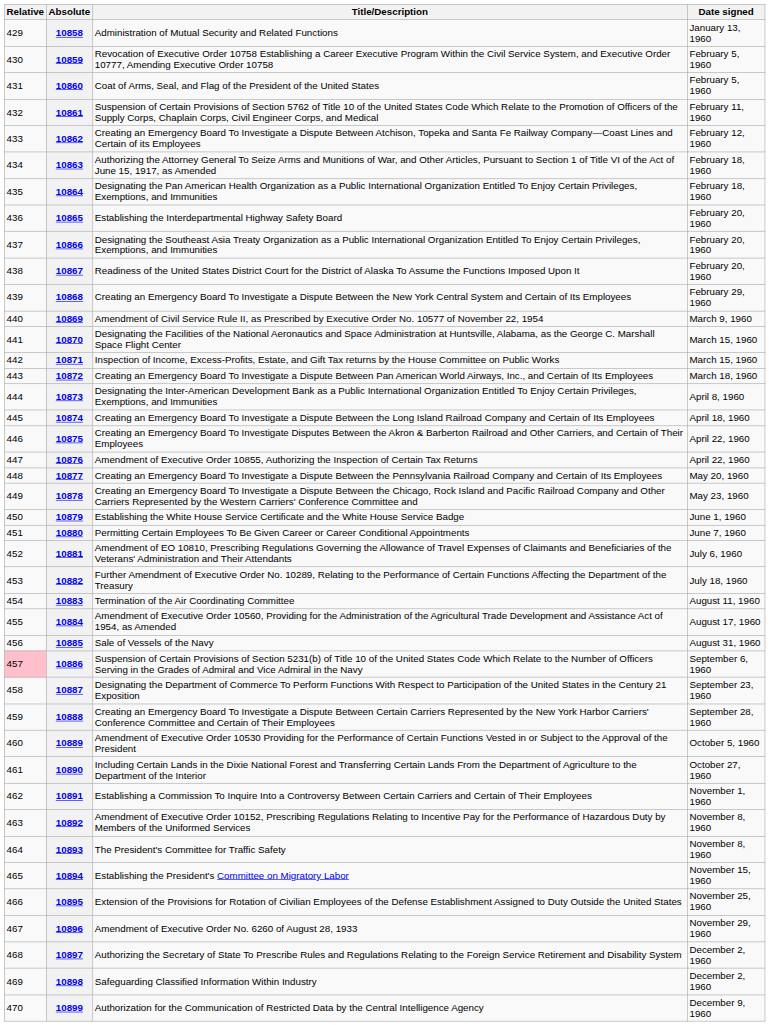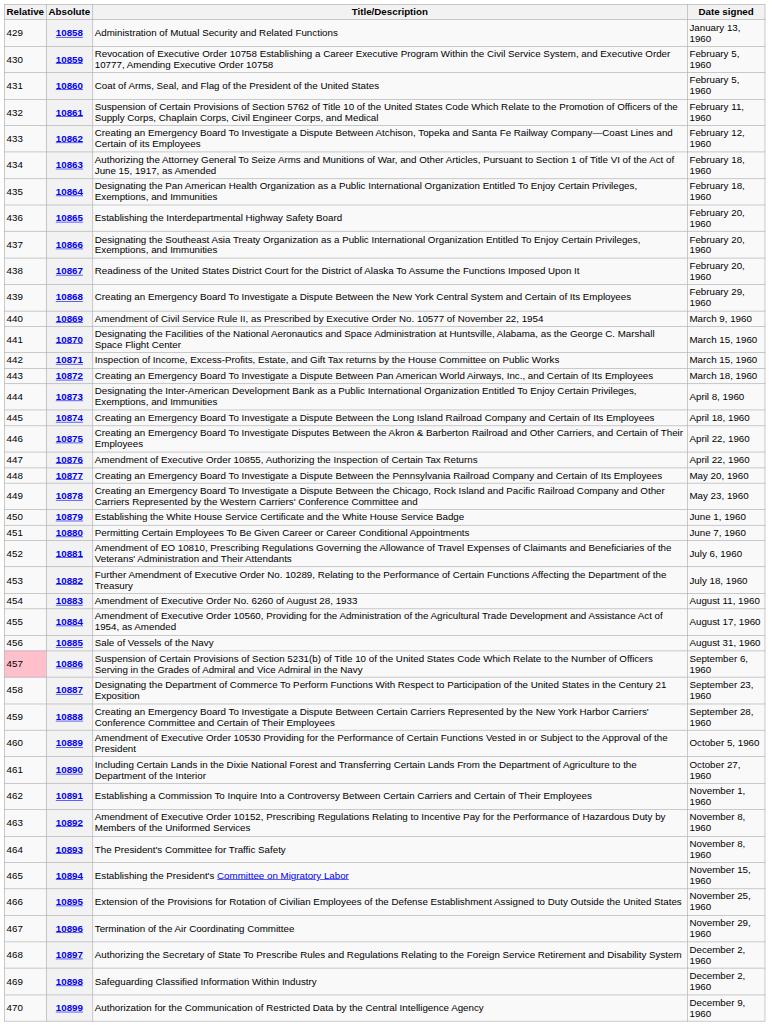 <table class="wikitable">
 <tr>
 <th>Relative </th>
 <th>Absolute </th>
 <th>Title/Description</th>
 <th>Date signed</th>
 </tr>
 <tr>
 <td>429</td>
 <th><a href='#'>10858</a></th>
 <td>Administration of Mutual Security and Related Functions</td>
 <td>January 13, 1960</td>
 </tr>
 <tr>
 <td>430</td>
 <th><a href='#'>10859</a></th>
 <td>Revocation of Executive Order 10758 Establishing a Career Executive Program Within the Civil Service System, and Executive Order 10777, Amending Executive Order 10758</td>
 <td>February 5, 1960</td>
 </tr>
 <tr>
 <td>431</td>
 <th><a href='#'>10860</a></th>
 <td>Coat of Arms, Seal, and Flag of the President of the United States</td>
 <td>February 5, 1960</td>
 </tr>
 <tr>
 <td>432</td>
 <th><a href='#'>10861</a></th>
 <td>Suspension of Certain Provisions of Section 5762 of Title 10 of the United States Code Which Relate to the Promotion of Officers of the Supply Corps, Chaplain Corps, Civil Engineer Corps, and Medical</td>
 <td>February 11, 1960</td>
 </tr>
 <tr>
 <td>433</td>
 <th><a href='#'>10862</a></th>
 <td>Creating an Emergency Board To Investigate a Dispute Between Atchison, Topeka and Santa Fe Railway Company—Coast Lines and Certain of its Employees</td>
 <td>February 12, 1960</td>
 </tr>
 <tr>
 <td>434</td>
 <th><a href='#'>10863</a></th>
 <td>Authorizing the Attorney General To Seize Arms and Munitions of War, and Other Articles, Pursuant to Section 1 of Title VI of the Act of June 15, 1917, as Amended</td>
 <td>February 18, 1960</td>
 </tr>
 <tr>
 <td>435</td>
 <th><a href='#'>10864</a></th>
 <td>Designating the Pan American Health Organization as a Public International Organization Entitled To Enjoy Certain Privileges, Exemptions, and Immunities</td>
 <td>February 18, 1960</td>
 </tr>
 <tr>
 <td>436</td>
 <th><a href='#'>10865</a></th>
 <td>Establishing the Interdepartmental Highway Safety Board</td>
 <td>February 20, 1960</td>
 </tr>
 <tr>
 <td>437</td>
 <th><a href='#'>10866</a></th>
 <td>Designating the Southeast Asia Treaty Organization as a Public International Organization Entitled To Enjoy Certain Privileges, Exemptions, and Immunities</td>
 <td>February 20, 1960</td>
 </tr>
 <tr>
 <td>438</td>
 <th><a href='#'>10867</a></th>
 <td>Readiness of the United States District Court for the District of Alaska To Assume the Functions Imposed Upon It</td>
 <td>February 20, 1960</td>
 </tr>
 <tr>
 <td>439</td>
 <th><a href='#'>10868</a></th>
 <td>Creating an Emergency Board To Investigate a Dispute Between the New York Central System and Certain of Its Employees</td>
 <td>February 29, 1960</td>
 </tr>
 <tr>
 <td>440</td>
 <th><a href='#'>10869</a></th>
 <td>Amendment of Civil Service Rule II, as Prescribed by Executive Order No. 10577 of November 22, 1954</td>
 <td>March 9, 1960</td>
 </tr>
 <tr>
 <td>441</td>
 <th><a href='#'>10870</a></th>
 <td>Designating the Facilities of the National Aeronautics and Space Administration at Huntsville, Alabama, as the George C. Marshall Space Flight Center</td>
 <td>March 15, 1960</td>
 </tr>
 <tr>
 <td>442</td>
 <th><a href='#'>10871</a></th>
 <td>Inspection of Income, Excess-Profits, Estate, and Gift Tax returns by the House Committee on Public Works</td>
 <td>March 15, 1960</td>
 </tr>
 <tr>
 <td>443</td>
 <th><a href='#'>10872</a></th>
 <td>Creating an Emergency Board To Investigate a Dispute Between Pan American World Airways, Inc., and Certain of Its Employees</td>
 <td>March 18, 1960</td>
 </tr>
 <tr>
 <td>444</td>
 <th><a href='#'>10873</a></th>
 <td>Designating the Inter-American Development Bank as a Public International Organization Entitled To Enjoy Certain Privileges, Exemptions, and Immunities</td>
 <td>April 8, 1960</td>
 </tr>
 <tr>
 <td>445</td>
 <th><a href='#'>10874</a></th>
 <td>Creating an Emergency Board To Investigate a Dispute Between the Long Island Railroad Company and Certain of Its Employees</td>
 <td>April 18, 1960</td>
 </tr>
 <tr>
 <td>446</td>
 <th><a href='#'>10875</a></th>
 <td>Creating an Emergency Board To Investigate Disputes Between the Akron & Barberton Railroad and Other Carriers, and Certain of Their Employees</td>
 <td>April 22, 1960</td>
 </tr>
 <tr>
 <td>447</td>
 <th><a href='#'>10876</a></th>
 <td>Amendment of Executive Order 10855, Authorizing the Inspection of Certain Tax Returns</td>
 <td>April 22, 1960</td>
 </tr>
 <tr>
 <td>448</td>
 <th><a href='#'>10877</a></th>
 <td>Creating an Emergency Board To Investigate a Dispute Between the Pennsylvania Railroad Company and Certain of Its Employees</td>
 <td>May 20, 1960</td>
 </tr>
 <tr>
 <td>449</td>
 <th><a href='#'>10878</a></th>
 <td>Creating an Emergency Board To Investigate a Dispute Between the Chicago, Rock Island and Pacific Railroad Company and Other Carriers Represented by the Western Carriers' Conference Committee and</td>
 <td>May 23, 1960</td>
 </tr>
 <tr>
 <td>450</td>
 <th><a href='#'>10879</a></th>
 <td>Establishing the White House Service Certificate and the White House Service Badge</td>
 <td>June 1, 1960</td>
 </tr>
 <tr>
 <td>451</td>
 <th><a href='#'>10880</a></th>
 <td>Permitting Certain Employees To Be Given Career or Career Conditional Appointments</td>
 <td>June 7, 1960</td>
 </tr>
 <tr>
 <td>452</td>
 <th><a href='#'>10881</a></th>
 <td>Amendment of EO 10810, Prescribing Regulations Governing the Allowance of Travel Expenses of Claimants and Beneficiaries of the Veterans' Administration and Their Attendants</td>
 <td>July 6, 1960</td>
 </tr>
 <tr>
 <td>453</td>
 <th><a href='#'>10882</a></th>
 <td>Further Amendment of Executive Order No. 10289, Relating to the Performance of Certain Functions Affecting the Department of the Treasury</td>
 <td>July 18, 1960</td>
 </tr>
 <tr>
 <td>454</td>
 <th><a href='#'>10883</a></th>
-<td>Termination of the Air Coordinating Committee</td>
+<td>Amendment of Executive Order No. 6260 of August 28, 1933</td>
 <td>August 11, 1960</td>
 </tr>
 <tr>
 <td>455</td>
 <th><a href='#'>10884</a></th>
 <td>Amendment of Executive Order 10560, Providing for the Administration of the Agricultural Trade Development and Assistance Act of 1954, as Amended</td>
 <td>August 17, 1960</td>
 </tr>
 <tr>
 <td>456</td>
 <th><a href='#'>10885</a></th>
 <td>Sale of Vessels of the Navy</td>
 <td>August 31, 1960</td>
 </tr>
 <tr>
 <td style="background: pink;">457</td>
 <th><a href='#'>10886</a></th>
 <td>Suspension of Certain Provisions of Section 5231(b) of Title 10 of the United States Code Which Relate to the Number of Officers Serving in the Grades of Admiral and Vice Admiral in the Navy</td>
 <td>September 6, 1960</td>
 </tr>
 <tr>
 <td>458</td>
 <th><a href='#'>10887</a></th>
 <td>Designating the Department of Commerce To Perform Functions With Respect to Participation of the United States in the Century 21 Exposition</td>
 <td>September 23, 1960</td>
 </tr>
 <tr>
 <td>459</td>
 <th><a href='#'>10888</a></th>
 <td>Creating an Emergency Board To Investigate a Dispute Between Certain Carriers Represented by the New York Harbor Carriers' Conference Committee and Certain of Their Employees</td>
 <td>September 28, 1960</td>
 </tr>
 <tr>
 <td>460</td>
 <th><a href='#'>10889</a></th>
 <td>Amendment of Executive Order 10530 Providing for the Performance of Certain Functions Vested in or Subject to the Approval of the President</td>
 <td>October 5, 1960</td>
 </tr>
 <tr>
 <td>461</td>
 <th><a href='#'>10890</a></th>
 <td>Including Certain Lands in the Dixie National Forest and Transferring Certain Lands From the Department of Agriculture to the Department of the Interior</td>
 <td>October 27, 1960</td>
 </tr>
 <tr>
 <td>462</td>
 <th><a href='#'>10891</a></th>
 <td>Establishing a Commission To Inquire Into a Controversy Between Certain Carriers and Certain of Their Employees</td>
 <td>November 1, 1960</td>
 </tr>
 <tr>
 <td>463</td>
 <th><a href='#'>10892</a></th>
 <td>Amendment of Executive Order 10152, Prescribing Regulations Relating to Incentive Pay for the Performance of Hazardous Duty by Members of the Uniformed Services</td>
 <td>November 8, 1960</td>
 </tr>
 <tr>
 <td>464</td>
 <th><a href='#'>10893</a></th>
 <td>The President's Committee for Traffic Safety</td>
 <td>November 8, 1960</td>
 </tr>
 <tr>
 <td>465</td>
 <th><a href='#'>10894</a></th>
 <td>Establishing the President's <a href='#'>Committee on Migratory Labor</a></td>
 <td>November 15, 1960</td>
 </tr>
 <tr>
 <td>466</td>
 <th><a href='#'>10895</a></th>
 <td>Extension of the Provisions for Rotation of Civilian Employees of the Defense Establishment Assigned to Duty Outside the United States</td>
 <td>November 25, 1960</td>
 </tr>
 <tr>
 <td>467</td>
 <th><a href='#'>10896</a></th>
-<td>Amendment of Executive Order No. 6260 of August 28, 1933</td>
+<td>Termination of the Air Coordinating Committee</td>
 <td>November 29, 1960</td>
 </tr>
 <tr>
 <td>468</td>
 <th><a href='#'>10897</a></th>
 <td>Authorizing the Secretary of State To Prescribe Rules and Regulations Relating to the Foreign Service Retirement and Disability System</td>
 <td>December 2, 1960</td>
 </tr>
 <tr>
 <td>469</td>
 <th><a href='#'>10898</a></th>
 <td>Safeguarding Classified Information Within Industry</td>
 <td>December 2, 1960</td>
 </tr>
 <tr>
 <td>470</td>
 <th><a href='#'>10899</a></th>
 <td>Authorization for the Communication of Restricted Data by the Central Intelligence Agency</td>
 <td>December 9, 1960</td>
 </tr>
 </table>
